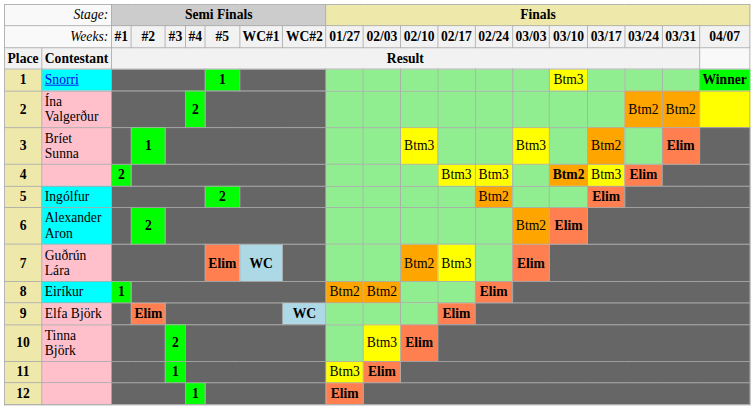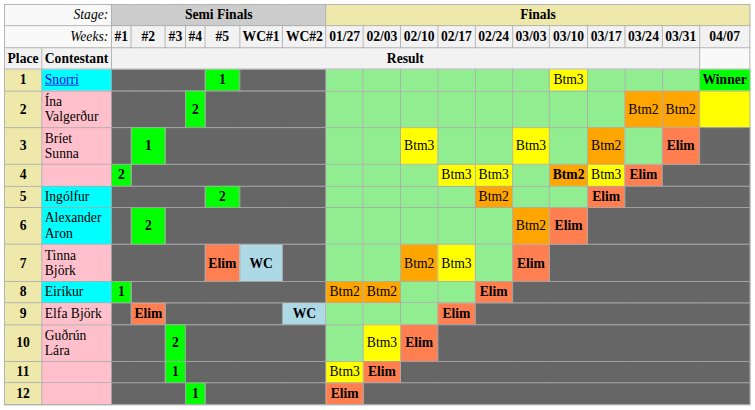 <table class="wikitable" align="center">
 <tr>
 <td colspan=2 align="right"><em>Stage:</em></td>
 <td colspan=7 bgcolor="CCCCCC" align="Center"><strong>Semi Finals</strong></td>
 <td colspan=16 bgcolor="palegoldenrod" align="Center"><strong>Finals</strong></td>
 </tr>
 <tr>
 <td colspan=2 align="right"><em>Weeks:</em></td>
 <th>#1</th>
 <th>#2</th>
 <th>#3</th>
 <th>#4</th>
 <th>#5</th>
 <th>WC#1</th>
 <th>WC#2</th>
 <th>01/27</th>
 <th>02/03</th>
 <th>02/10</th>
 <th>02/17</th>
 <th>02/24</th>
 <th>03/03</th>
 <th>03/10</th>
 <th>03/17</th>
 <th>03/24</th>
 <th>03/31</th>
 <th>04/07</th>
 </tr>
 <tr>
 <th>Place</th>
 <th>Contestant</th>
 <th colspan=17 align="center">Result</th>
 </tr>
 <tr>
 <td align="center" bgcolor="palegoldenrod"><strong>1</strong></td>
 <td bgcolor="cyan"><a href='#'>Snorri</a></td>
 <td bgcolor="666666" colspan=4></td>
 <td style="background:lime" align="center"><strong>1</strong></td>
 <td bgcolor="666666" colspan=2></td>
 <td style="background: lightgreen"></td>
 <td style="background: lightgreen"></td>
 <td style="background: lightgreen"></td>
 <td style="background: lightgreen"></td>
 <td style="background: lightgreen"></td>
 <td style="background: lightgreen"></td>
 <td style="background: yellow" align="center">Btm3</td>
 <td style="background: lightgreen"></td>
 <td style="background: lightgreen"></td>
 <td style="background: lightgreen"></td>
 <td style="background: Lime"   align="center"><strong>Winner</strong></td>
 </tr>
 <tr>
 <td align="center" bgcolor="palegoldenrod"><strong>2</strong></td>
 <td bgcolor="pink">Ína Valgerður</td>
 <td colspan=3 bgcolor="666666"></td>
 <td style="background:lime" align="center"><strong>2</strong></td>
 <td colspan=3 bgcolor="666666"></td>
 <td style="background: lightgreen"></td>
 <td style="background: lightgreen"></td>
 <td style="background: lightgreen"></td>
 <td style="background: lightgreen"></td>
 <td style="background: lightgreen"></td>
 <td style="background: lightgreen"></td>
 <td style="background: lightgreen"></td>
 <td style="background: lightgreen"></td>
 <td style="background: orange" align="center">Btm2</td>
 <td style="background: orange" align="center">Btm2</td>
 <td style="background: yellow"   align="center"></td>
 </tr>
 <tr>
 <td align="center" bgcolor="palegoldenrod"><strong>3</strong></td>
 <td bgcolor="pink">Bríet Sunna</td>
 <td bgcolor="666666"></td>
 <td style="background:lime" align="center"><strong>1</strong></td>
 <td colspan=5 bgcolor="666666"></td>
 <td style="background: lightgreen"></td>
 <td style="background: lightgreen"></td>
 <td style="background: yellow" align="center">Btm3</td>
 <td style="background: lightgreen"></td>
 <td style="background: lightgreen"></td>
 <td style="background: yellow" align="center">Btm3</td>
 <td style="background: lightgreen"></td>
 <td style="background: orange" align="center">Btm2</td>
 <td style="background: lightgreen"></td>
 <td style="background: coral" align="center"><strong>Elim</strong></td>
 <td bgcolor="666666"></td>
 </tr>
 <tr>
 <td align="center" bgcolor="palegoldenrod"><strong>4</strong></td>
 <td bgcolor="pink"></td>
 <td style="background:lime" align="center"><strong>2</strong></td>
 <td colspan=6 bgcolor="666666"></td>
 <td style="background: lightgreen"></td>
 <td style="background: lightgreen"></td>
 <td style="background: lightgreen"></td>
 <td style="background: yellow" align="center">Btm3</td>
 <td style="background: yellow" align="center">Btm3</td>
 <td style="background: lightgreen"></td>
 <td style="background: orange" align="center"><strong>Btm2</strong></td>
 <td style="background: yellow" align="center">Btm3</td>
 <td style="background: coral" align="center"><strong>Elim</strong></td>
 <td colspan=2 bgcolor="666666"></td>
 </tr>
 <tr>
 <td align="center" bgcolor="palegoldenrod"><strong>5</strong></td>
 <td bgcolor="cyan">Ingólfur</td>
 <td bgcolor="666666" colspan=4></td>
 <td style="background:lime" align="center"><strong>2</strong></td>
 <td bgcolor="666666" colspan=2></td>
 <td style="background: lightgreen"></td>
 <td style="background: lightgreen"></td>
 <td style="background: lightgreen"></td>
 <td style="background: lightgreen"></td>
 <td style="background: orange" align="center">Btm2</td>
 <td style="background: lightgreen"></td>
 <td style="background: lightgreen"></td>
 <td style="background: coral" align="center"><strong>Elim</strong></td>
 <td colspan=3 bgcolor="666666"></td>
 </tr>
 <tr>
 <td align="center" bgcolor="palegoldenrod"><strong>6</strong></td>
 <td bgcolor="cyan">Alexander Aron</td>
 <td bgcolor="666666"></td>
 <td style="background:lime" align="center"><strong>2</strong></td>
 <td colspan=5 bgcolor="666666"></td>
 <td style="background: lightgreen"></td>
 <td style="background: lightgreen"></td>
 <td style="background: lightgreen"></td>
 <td style="background: lightgreen"></td>
 <td style="background: lightgreen"></td>
 <td style="background: orange" align="center">Btm2</td>
 <td style="background: coral" align="center"><strong>Elim</strong></td>
 <td colspan=4 bgcolor="666666"></td>
 </tr>
 <tr>
 <td align="center" bgcolor="palegoldenrod"><strong>7</strong></td>
-<td bgcolor="pink">Guðrún Lára</td>
+<td bgcolor="pink">Tinna Björk</td>
 <td colspan=4 bgcolor="666666"></td>
 <td style="background: coral" align="center"><strong>Elim</strong></td>
 <td style="background: lightblue" align="center"><strong>WC</strong></td>
 <td bgcolor="666666"></td>
 <td style="background: lightgreen"></td>
 <td style="background: lightgreen"></td>
 <td style="background: orange" align="center">Btm2</td>
 <td style="background: yellow" align="center">Btm3</td>
 <td style="background: lightgreen"></td>
 <td style="background: coral" align="center"><strong>Elim</strong></td>
 <td colspan=6 bgcolor="666666"></td>
 </tr>
 <tr>
 <td align="center" bgcolor="palegoldenrod"><strong>8</strong></td>
 <td bgcolor="cyan">Eiríkur</td>
 <td style="background:lime" align="center"><strong>1</strong></td>
 <td colspan=6 bgcolor="666666"></td>
 <td style="background: orange" align="center">Btm2</td>
 <td style="background: orange" align="center">Btm2</td>
 <td style="background: lightgreen"></td>
 <td style="background: lightgreen"></td>
 <td style="background: coral" align="center"><strong>Elim</strong></td>
 <td colspan=8 bgcolor="666666"></td>
 </tr>
 <tr>
 <td align="center" bgcolor="palegoldenrod"><strong>9</strong></td>
 <td bgcolor="pink">Elfa Björk</td>
 <td bgcolor="666666"></td>
 <td style="background: coral" align="center"><strong>Elim</strong></td>
 <td colspan=4 bgcolor="666666"></td>
 <td style="background: lightblue" align="center"><strong>WC</strong></td>
 <td style="background: lightgreen"></td>
 <td style="background: lightgreen"></td>
 <td style="background: lightgreen"></td>
 <td style="background: coral" align="center"><strong>Elim</strong></td>
 <td colspan=7 bgcolor="666666"></td>
 </tr>
 <tr>
 <td align="center" bgcolor="palegoldenrod"><strong>10</strong></td>
-<td bgcolor="pink">Tinna Björk</td>
+<td bgcolor="pink">Guðrún Lára</td>
 <td colspan=2 bgcolor="666666"></td>
 <td style="background:lime" align="center"><strong>2</strong></td>
 <td colspan=4 bgcolor="666666"></td>
 <td style="background: lightgreen"></td>
 <td style="background: yellow" align="center">Btm3</td>
 <td style="background: coral" align="center"><strong>Elim</strong></td>
 <td colspan=9 bgcolor="666666"></td>
 </tr>
 <tr>
 <td align="center" bgcolor="palegoldenrod"><strong>11</strong></td>
 <td bgcolor="pink"></td>
 <td colspan=2 bgcolor="666666"></td>
 <td style="background:lime" align="center"><strong>1</strong></td>
 <td colspan=4 bgcolor="666666"></td>
 <td style="background: yellow" align="center">Btm3</td>
 <td style="background: coral" align="center"><strong>Elim</strong></td>
 <td colspan=10 bgcolor="666666"></td>
 </tr>
 <tr>
 <td align="center" bgcolor="palegoldenrod"><strong>12</strong></td>
 <td bgcolor="pink"></td>
 <td colspan=3 bgcolor="666666"></td>
 <td style="background:lime" align="center"><strong>1</strong></td>
 <td colspan=3 bgcolor="666666"></td>
 <td style="background: coral" align="center"><strong>Elim</strong></td>
 <td colspan=11 bgcolor="666666"></td>
 </tr>
 <tr>
 </tr>
 </table>
